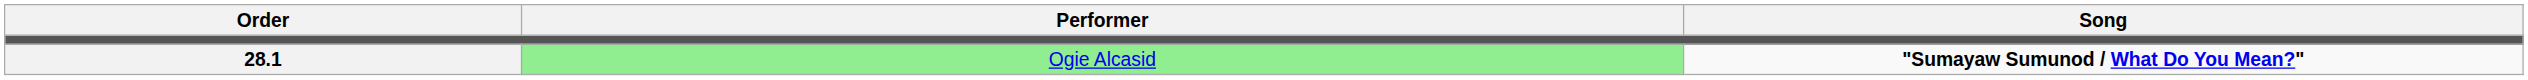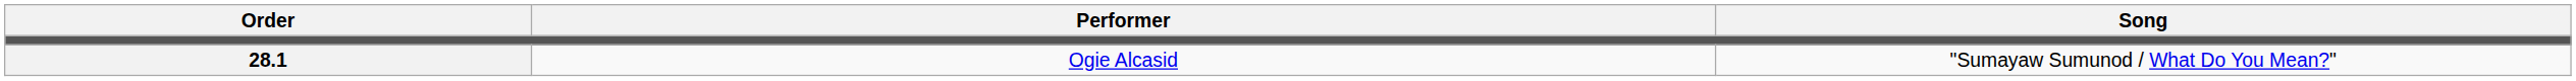 <table class="wikitable" style="text-align:center; line-height:17px; width:100%; font-size: 95%;">
 <tr>
 <th style="width:08%;">Order</th>
 <th style="width:18%;">Performer</th>
 <th style="width:13%;">Song</th>
 </tr>
 <tr>
 <td colspan="3" style="background:#555;"></td>
 </tr>
 <tr>
 <th>28.1</th>
-<td style="background: lightgreen;"><a href='#'>Ogie Alcasid</a> <br></td>
-<td><strong>"Sumayaw Sumunod / <a href='#'>What Do You Mean?</a>"</strong></td>
+<td><a href='#'>Ogie Alcasid</a> <br></td>
+<td>"Sumayaw Sumunod / <a href='#'>What Do You Mean?</a>"</td>
 </tr>
 </table>
